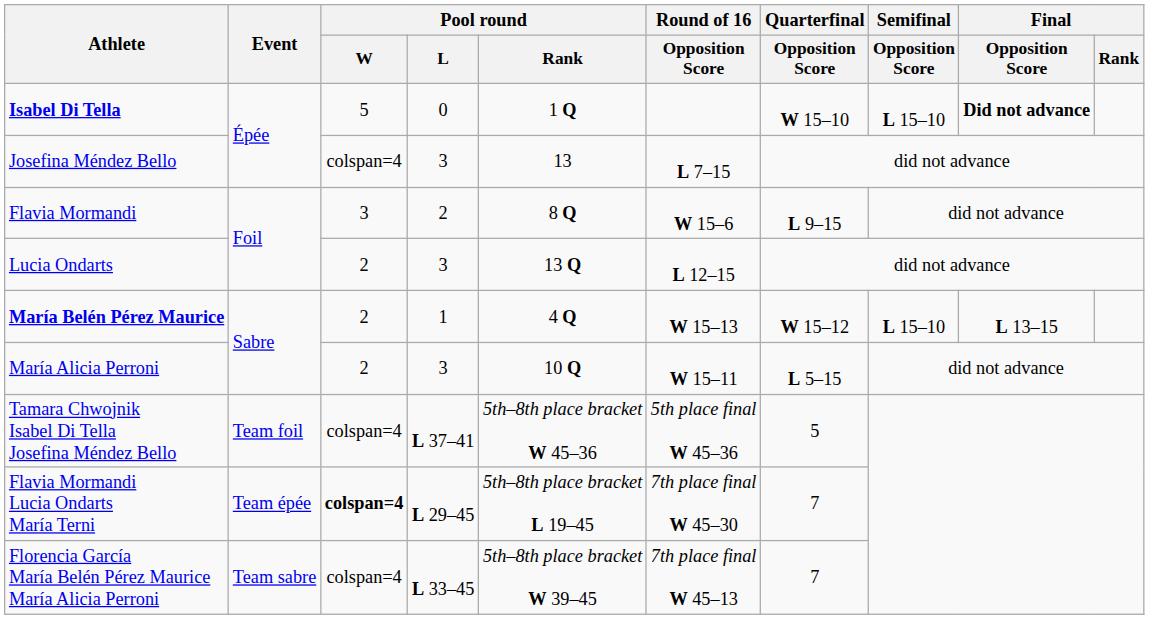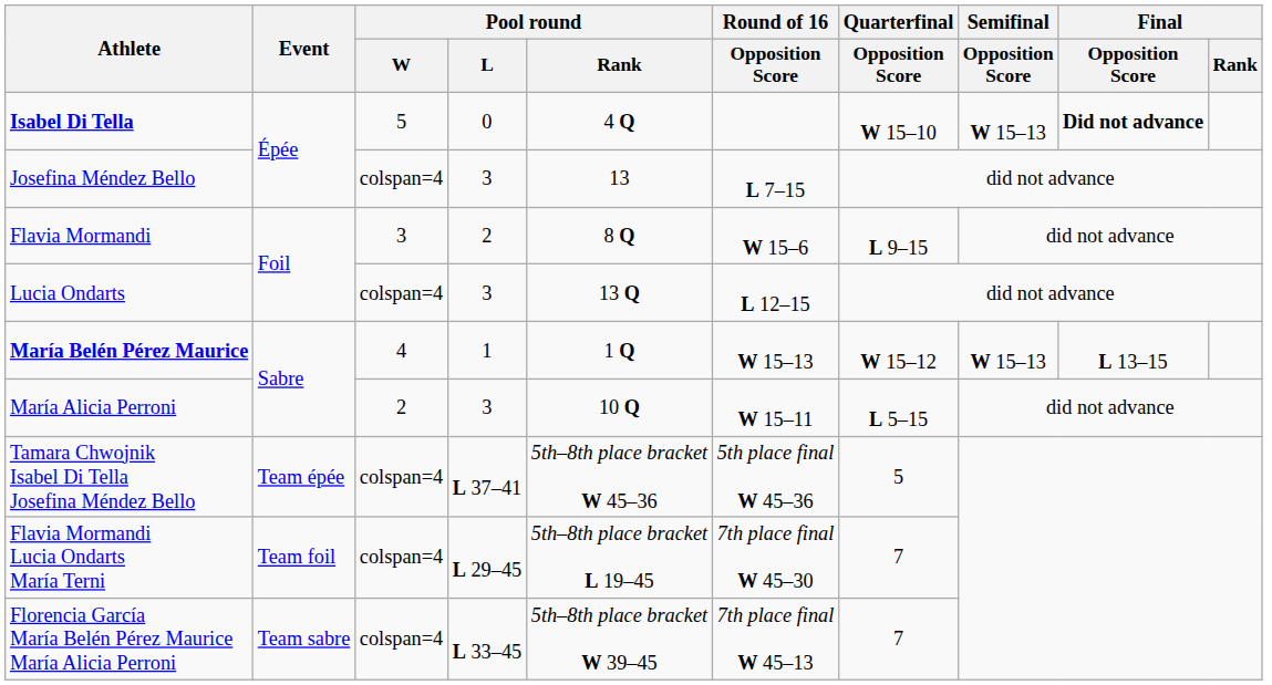 <table class="wikitable" style="font-size:90%;text-align:center">
 <tr>
 <th rowspan=2>Athlete</th>
 <th rowspan=2>Event</th>
 <th colspan=3>Pool round</th>
 <th>Round of 16</th>
 <th>Quarterfinal</th>
 <th>Semifinal</th>
 <th colspan=2>Final</th>
 </tr>
 <tr style=font-size:95%>
 <th>W</th>
 <th>L</th>
 <th>Rank</th>
 <th>Opposition<br>Score</th>
 <th>Opposition<br>Score</th>
 <th>Opposition<br>Score</th>
 <th>Opposition<br>Score</th>
 <th>Rank</th>
 </tr>
 <tr>
 <td style="text-align:left"><strong><a href='#'>Isabel Di Tella</a></strong></td>
 <td style="text-align:left" rowspan=2><a href='#'>Épée</a></td>
 <td>5</td>
 <td>0</td>
-<td>1 <strong>Q</strong></td>
+<td>4 <strong>Q</strong></td>
 <td></td>
 <td><br><strong>W</strong> 15–10</td>
-<td><br><strong>L</strong> 15–10</td>
+<td><br><strong>W</strong> 15–13</td>
 <td><strong>Did not advance</strong></td>
 <td></td>
 </tr>
 <tr>
 <td style="text-align:left"><a href='#'>Josefina Méndez Bello</a></td>
 <td>colspan=4 </td>
 <td>3</td>
 <td>13</td>
 <td><br><strong>L</strong> 7–15</td>
 <td colspan=4>did not advance</td>
 </tr>
 <tr>
 <td style="text-align:left"><a href='#'>Flavia Mormandi</a></td>
 <td style="text-align:left" rowspan=2><a href='#'>Foil</a></td>
 <td>3</td>
 <td>2</td>
 <td>8 <strong>Q</strong></td>
 <td><br><strong>W</strong> 15–6</td>
 <td><br><strong>L</strong> 9–15</td>
 <td colspan=3>did not advance</td>
 </tr>
 <tr>
 <td style="text-align:left"><a href='#'>Lucia Ondarts</a></td>
-<td>2</td>
+<td>colspan=4 </td>
 <td>3</td>
 <td>13 <strong>Q</strong></td>
 <td><br><strong>L</strong> 12–15</td>
 <td colspan=4>did not advance</td>
 </tr>
 <tr>
 <td style="text-align:left"><strong><a href='#'>María Belén Pérez Maurice</a></strong></td>
 <td style="text-align:left" rowspan=2><a href='#'>Sabre</a></td>
-<td>2</td>
+<td>4</td>
 <td>1</td>
-<td>4 <strong>Q</strong></td>
+<td>1 <strong>Q</strong></td>
 <td><br><strong>W</strong> 15–13</td>
 <td><br><strong>W</strong> 15–12</td>
-<td><br><strong>L</strong> 15–10</td>
+<td><br><strong>W</strong> 15–13</td>
 <td><br><strong>L</strong> 13–15</td>
 <td></td>
 </tr>
 <tr>
 <td style="text-align:left"><a href='#'>María Alicia Perroni</a></td>
 <td>2</td>
 <td>3</td>
 <td>10 <strong>Q</strong></td>
 <td><br><strong>W</strong> 15–11</td>
 <td><br><strong>L</strong> 5–15</td>
 <td colspan=3>did not advance</td>
 </tr>
 <tr>
 <td style="text-align:left"><a href='#'>Tamara Chwojnik</a><br><a href='#'>Isabel Di Tella</a><br><a href='#'>Josefina Méndez Bello</a></td>
-<td style="text-align:left"><a href='#'>Team foil</a></td>
+<td style="text-align:left"><a href='#'>Team épée</a></td>
 <td>colspan=4 </td>
 <td><br><strong>L</strong> 37–41</td>
 <td><em>5th–8th place bracket</em><br><br><strong>W</strong> 45–36</td>
 <td><em>5th place final</em><br><br><strong>W</strong> 45–36</td>
 <td>5</td>
 </tr>
 <tr>
 <td style="text-align:left"><a href='#'>Flavia Mormandi</a><br><a href='#'>Lucia Ondarts</a><br><a href='#'>María Terni</a></td>
-<td style="text-align:left"><a href='#'>Team épée</a></td>
-<td><strong>colspan=4 </strong></td>
+<td style="text-align:left"><a href='#'>Team foil</a></td>
+<td>colspan=4 </td>
 <td><br><strong>L</strong> 29–45</td>
 <td><em>5th–8th place bracket</em><br><br><strong>L</strong> 19–45</td>
 <td><em>7th place final</em><br><br><strong>W</strong> 45–30</td>
 <td>7</td>
 </tr>
 <tr>
 <td style="text-align:left"><a href='#'>Florencia García</a><br><a href='#'>María Belén Pérez Maurice</a><br><a href='#'>María Alicia Perroni</a></td>
 <td style="text-align:left"><a href='#'>Team sabre</a></td>
 <td>colspan=4 </td>
 <td><br><strong>L</strong> 33–45</td>
 <td><em>5th–8th place bracket</em><br><br><strong>W</strong> 39–45</td>
 <td><em>7th place final</em><br><br><strong>W</strong> 45–13</td>
 <td>7</td>
 </tr>
 </table>
